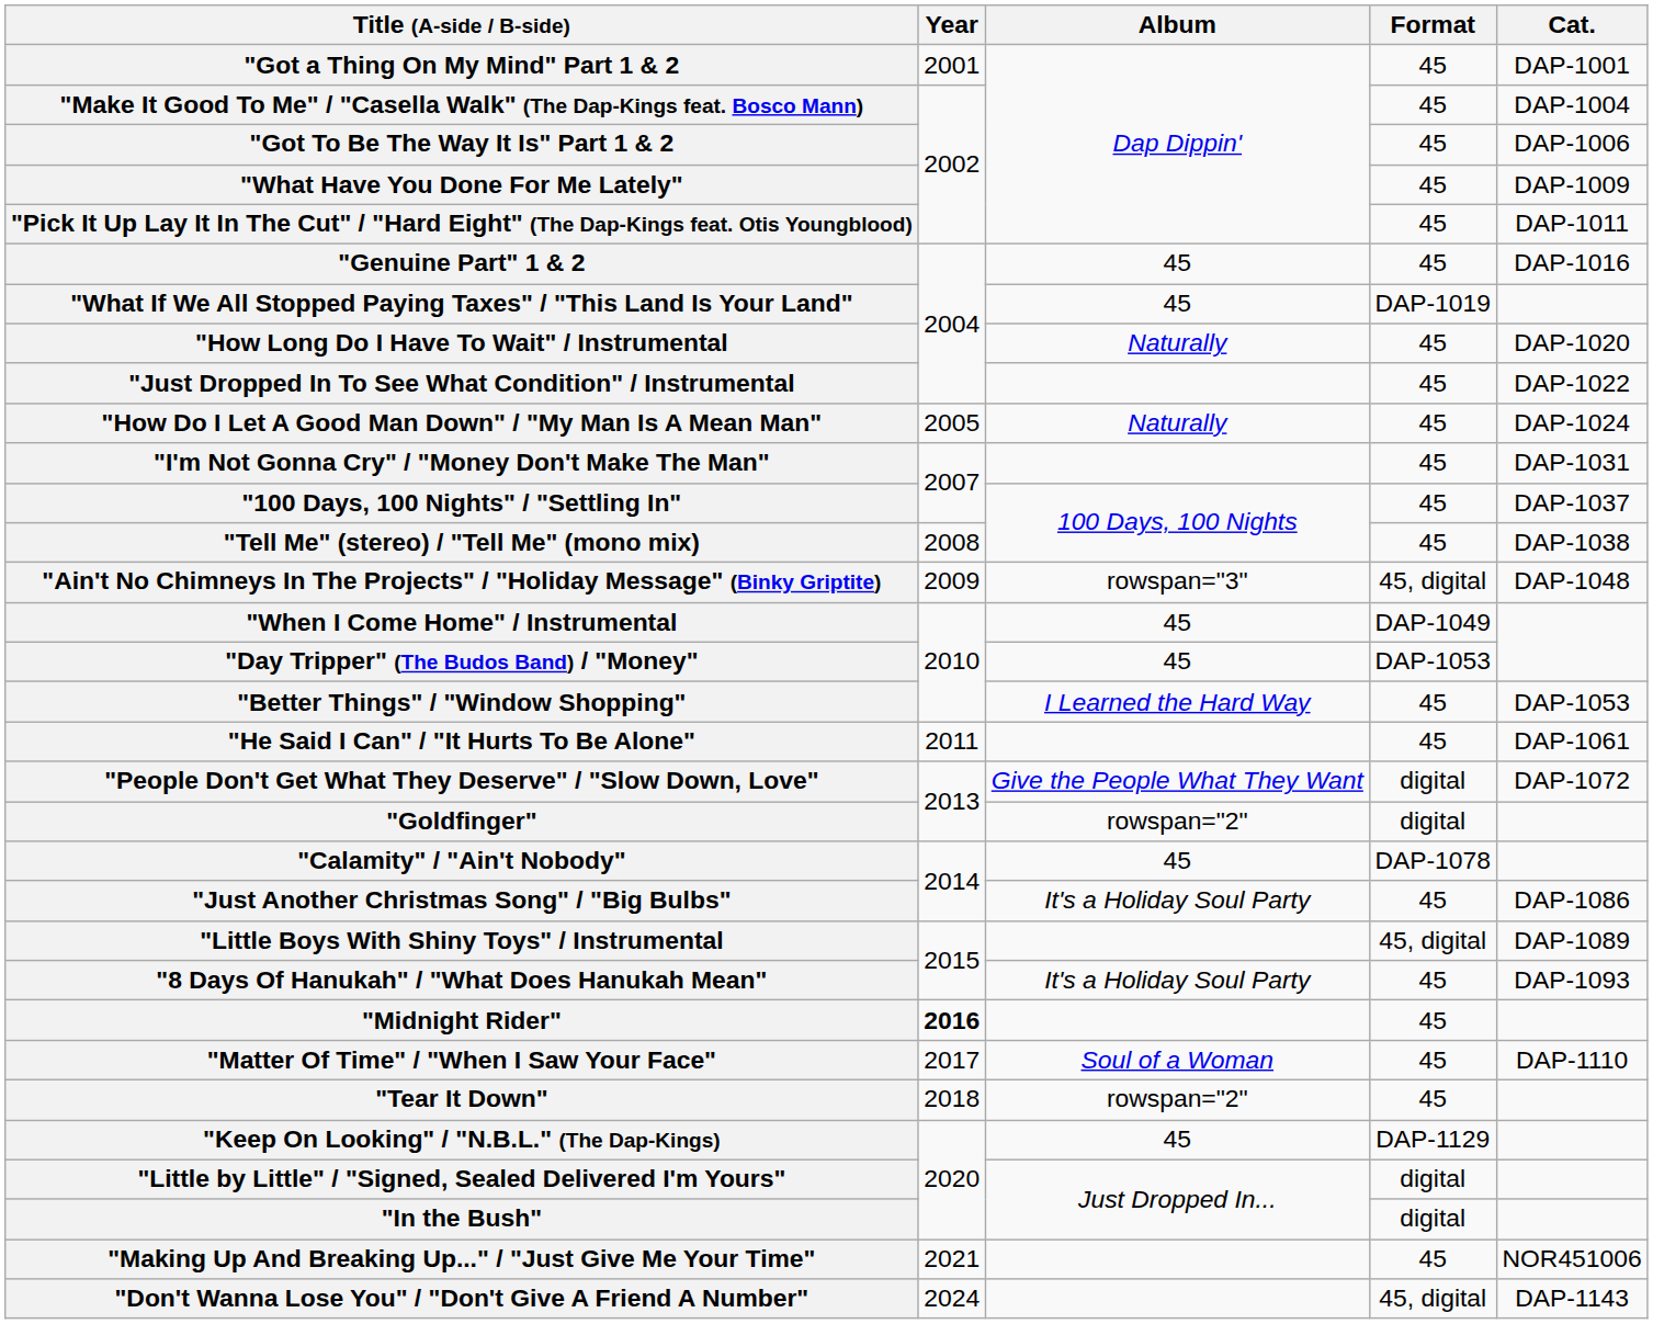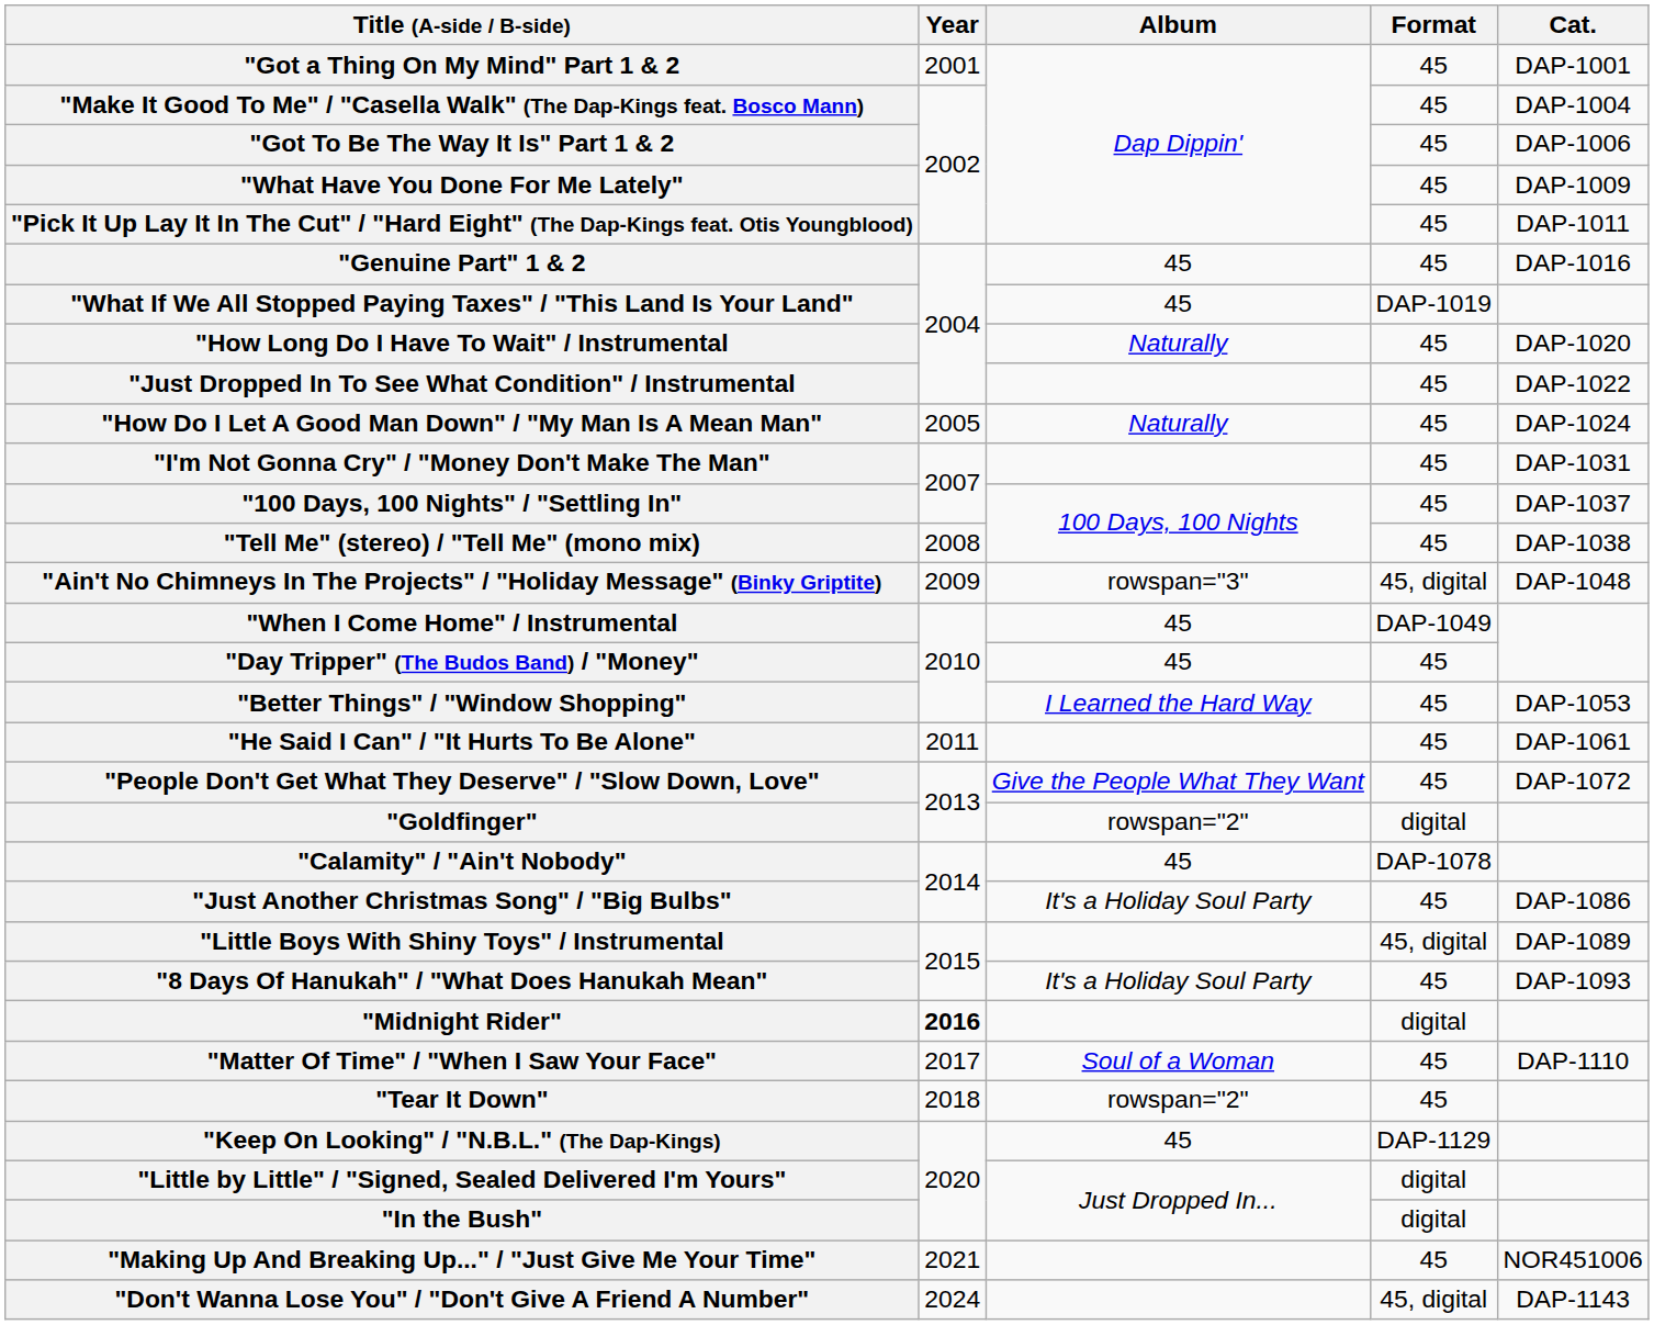 <table class="wikitable plainrowheaders" style="text-align:center;">
 <tr>
 <th scope="col">Title <small>(A-side / B-side)</small></th>
 <th scope="col">Year</th>
 <th scope="col">Album</th>
 <th scope="col">Format</th>
 <th scope="col">Cat.</th>
 </tr>
 <tr>
 <th scope="row">"Got a Thing On My Mind" Part 1 & 2</th>
 <td>2001</td>
 <td rowspan="5"><em><a href='#'>Dap Dippin'</a></em></td>
 <td>45</td>
 <td>DAP-1001</td>
 </tr>
 <tr>
 <th scope="row">"Make It Good To Me" / "Casella Walk" <small>(The Dap-Kings feat. <a href='#'>Bosco Mann</a>)</small></th>
 <td rowspan="4">2002</td>
 <td>45</td>
 <td>DAP-1004</td>
 </tr>
 <tr>
 <th scope="row">"Got To Be The Way It Is" Part 1 & 2</th>
 <td>45</td>
 <td>DAP-1006</td>
 </tr>
 <tr>
 <th scope="row">"What Have You Done For Me Lately"</th>
 <td>45</td>
 <td>DAP-1009</td>
 </tr>
 <tr>
 <th scope="row">"Pick It Up Lay It In The Cut" / "Hard Eight" <small>(The Dap-Kings feat. Otis Youngblood)</small></th>
 <td>45</td>
 <td>DAP-1011</td>
 </tr>
 <tr>
 <th scope="row">"Genuine Part" 1 & 2</th>
 <td rowspan="4">2004</td>
 <td>45</td>
 <td>45</td>
 <td>DAP-1016</td>
 </tr>
 <tr>
 <th scope="row">"What If We All Stopped Paying Taxes" / "This Land Is Your Land"</th>
 <td>45</td>
 <td>DAP-1019</td>
 </tr>
 <tr>
 <th scope="row">"How Long Do I Have To Wait" / Instrumental</th>
 <td><em><a href='#'>Naturally</a></em></td>
 <td>45</td>
 <td>DAP-1020</td>
 </tr>
 <tr>
 <th scope="row">"Just Dropped In To See What Condition" / Instrumental</th>
 <td></td>
 <td>45</td>
 <td>DAP-1022</td>
 </tr>
 <tr>
 <th scope="row">"How Do I Let A Good Man Down" / "My Man Is A Mean Man"</th>
 <td>2005</td>
 <td><em><a href='#'>Naturally</a></em></td>
 <td>45</td>
 <td>DAP-1024</td>
 </tr>
 <tr>
 <th scope="row">"I'm Not Gonna Cry" / "Money Don't Make The Man"</th>
 <td rowspan="2">2007</td>
 <td></td>
 <td>45</td>
 <td>DAP-1031</td>
 </tr>
 <tr>
 <th scope="row">"100 Days, 100 Nights" / "Settling In"</th>
 <td rowspan="2"><em><a href='#'>100 Days, 100 Nights</a></em></td>
 <td>45</td>
 <td>DAP-1037</td>
 </tr>
 <tr>
 <th scope="row">"Tell Me" (stereo) / "Tell Me" (mono mix)</th>
 <td>2008</td>
 <td>45</td>
 <td>DAP-1038</td>
 </tr>
 <tr>
 <th scope="row">"Ain't No Chimneys In The Projects" / "Holiday Message" <small>(<a href='#'>Binky Griptite</a>)</small></th>
 <td>2009</td>
 <td>rowspan="3" </td>
 <td>45, digital</td>
 <td>DAP-1048</td>
 </tr>
 <tr>
 <th scope="row">"When I Come Home" / Instrumental</th>
 <td rowspan="3">2010</td>
 <td>45</td>
 <td>DAP-1049</td>
 </tr>
 <tr>
 <th scope="row">"Day Tripper" <small>(<a href='#'>The Budos Band</a>)</small> / "Money"</th>
 <td>45</td>
-<td>DAP-1053</td>
+<td>45</td>
 </tr>
 <tr>
 <th scope="row">"Better Things" / "Window Shopping"</th>
 <td><em><a href='#'>I Learned the Hard Way</a></em></td>
 <td>45</td>
 <td>DAP-1053</td>
 </tr>
 <tr>
 <th scope="row">"He Said I Can" / "It Hurts To Be Alone"</th>
 <td>2011</td>
 <td></td>
 <td>45</td>
 <td>DAP-1061</td>
 </tr>
 <tr>
 <th scope="row">"People Don't Get What They Deserve" / "Slow Down, Love"</th>
 <td rowspan="2">2013</td>
 <td><em><a href='#'>Give the People What They Want</a></em></td>
-<td>digital</td>
+<td>45</td>
 <td>DAP-1072</td>
 </tr>
 <tr>
 <th scope="row">"Goldfinger"</th>
 <td>rowspan="2" </td>
 <td>digital</td>
 <td></td>
 </tr>
 <tr>
 <th scope="row">"Calamity" / "Ain't Nobody"</th>
 <td rowspan="2">2014</td>
 <td>45</td>
 <td>DAP-1078</td>
 </tr>
 <tr>
 <th scope="row">"Just Another Christmas Song" / "Big Bulbs"</th>
 <td><em>It's a Holiday Soul Party</em></td>
 <td>45</td>
 <td>DAP-1086</td>
 </tr>
 <tr>
 <th scope="row">"Little Boys With Shiny Toys" / Instrumental</th>
 <td rowspan="2">2015</td>
 <td></td>
 <td>45, digital</td>
 <td>DAP-1089</td>
 </tr>
 <tr>
 <th scope="row">"8 Days Of Hanukah" / "What Does Hanukah Mean"</th>
 <td><em>It's a Holiday Soul Party</em></td>
 <td>45</td>
 <td>DAP-1093</td>
 </tr>
 <tr>
 <th scope="row">"Midnight Rider"</th>
 <td><strong>2016</strong></td>
 <td></td>
-<td>45</td>
+<td>digital</td>
 <td></td>
 </tr>
 <tr>
 <th scope="row">"Matter Of Time" / "When I Saw Your Face"</th>
 <td>2017</td>
 <td><em><a href='#'>Soul of a Woman</a></em></td>
 <td>45</td>
 <td>DAP-1110</td>
 </tr>
 <tr>
 <th scope="row">"Tear It Down"</th>
 <td>2018</td>
 <td>rowspan="2" </td>
 <td>45</td>
 <td></td>
 </tr>
 <tr>
 <th scope="row">"Keep On Looking" / "N.B.L." <small>(The Dap-Kings)</small></th>
 <td rowspan="3">2020</td>
 <td>45</td>
 <td>DAP-1129</td>
 </tr>
 <tr>
 <th scope="row">"Little by Little" / "Signed, Sealed Delivered I'm Yours"</th>
 <td rowspan="2"><em>Just Dropped In...</em></td>
 <td>digital</td>
 <td></td>
 </tr>
 <tr>
 <th scope="row">"In the Bush"</th>
 <td>digital</td>
 <td></td>
 </tr>
 <tr>
 <th scope="row">"Making Up And Breaking Up..." / "Just Give Me Your Time"</th>
 <td>2021</td>
 <td></td>
 <td>45</td>
 <td>NOR451006</td>
 </tr>
 <tr>
 <th scope="row">"Don't Wanna Lose You" / "Don't Give A Friend A Number"</th>
 <td>2024</td>
 <td></td>
 <td>45, digital</td>
 <td>DAP-1143</td>
 </tr>
 </table>
